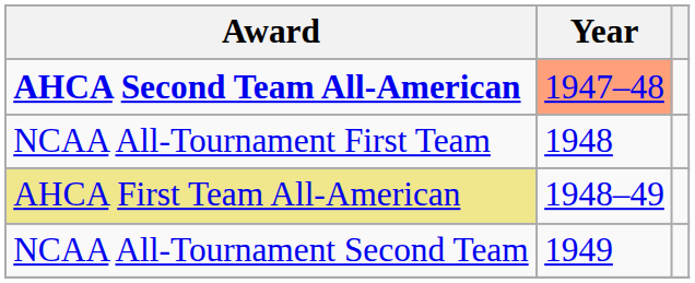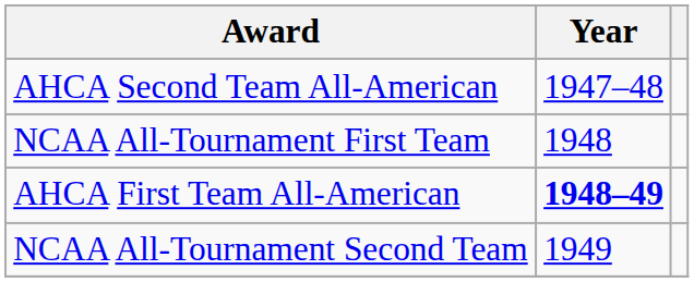 <table class="wikitable">
 <tr>
 <th>Award</th>
 <th>Year</th>
 <th></th>
 </tr>
 <tr>
-<td><strong><a href='#'>AHCA</a> <a href='#'>Second Team All-American</a></strong></td>
-<td style="background: lightsalmon;"><a href='#'>1947–48</a></td>
+<td><a href='#'>AHCA</a> <a href='#'>Second Team All-American</a></td>
+<td><a href='#'>1947–48</a></td>
 <td></td>
 </tr>
 <tr>
 <td><a href='#'>NCAA</a> <a href='#'>All-Tournament First Team</a></td>
 <td><a href='#'>1948</a></td>
 <td></td>
 </tr>
 <tr>
-<td style="background: khaki;"><a href='#'>AHCA</a> <a href='#'>First Team All-American</a></td>
-<td><a href='#'>1948–49</a></td>
+<td><a href='#'>AHCA</a> <a href='#'>First Team All-American</a></td>
+<td><strong><a href='#'>1948–49</a></strong></td>
 <td></td>
 </tr>
 <tr>
 <td><a href='#'>NCAA</a> <a href='#'>All-Tournament Second Team</a></td>
 <td><a href='#'>1949</a></td>
 <td></td>
 </tr>
 <tr>
 </tr>
 </table>
